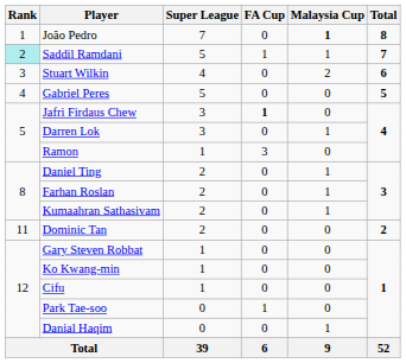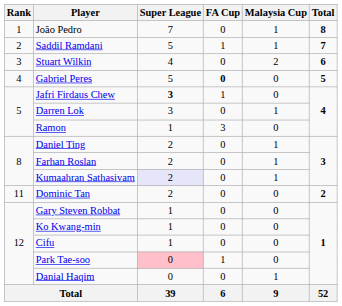 <table class="wikitable" style="text-align: center;">
 <tr>
 <th>Rank</th>
 <th>Player</th>
 <th>Super League</th>
 <th>FA Cup</th>
 <th>Malaysia Cup</th>
 <th>Total</th>
 </tr>
 <tr>
 <td>1</td>
 <td align=left> João Pedro</td>
 <td>7</td>
 <td>0</td>
-<td><strong>1</strong></td>
+<td>1</td>
 <td><strong>8</strong></td>
 </tr>
 <tr>
-<td style="background: paleturquoise;">2</td>
+<td>2</td>
 <td align=left> <a href='#'>Saddil Ramdani</a></td>
 <td>5</td>
 <td>1</td>
 <td>1</td>
 <td><strong>7</strong></td>
 </tr>
 <tr>
 <td rowspan=1>3</td>
 <td align=left> <a href='#'>Stuart Wilkin</a></td>
 <td>4</td>
 <td>0</td>
 <td>2</td>
 <td rowspan=1><strong>6</strong></td>
 </tr>
 <tr>
 <td rowspan=1>4</td>
 <td align=left> <a href='#'>Gabriel Peres</a></td>
 <td>5</td>
-<td>0</td>
+<td><strong>0</strong></td>
 <td>0</td>
 <td rowspan=1><strong>5</strong></td>
 </tr>
 <tr>
 <td rowspan=3>5</td>
 <td align=left> <a href='#'>Jafri Firdaus Chew</a></td>
-<td>3</td>
-<td><strong>1</strong></td>
+<td><strong>3</strong></td>
+<td>1</td>
 <td>0</td>
 <td rowspan=3><strong>4</strong></td>
 </tr>
 <tr>
 <td align=left> <a href='#'>Darren Lok</a></td>
 <td>3</td>
 <td>0</td>
 <td>1</td>
 </tr>
 <tr>
 <td align=left> <a href='#'>Ramon</a></td>
 <td>1</td>
 <td>3</td>
 <td>0</td>
 </tr>
 <tr>
 <td rowspan=3>8</td>
 <td align=left> <a href='#'>Daniel Ting</a></td>
 <td>2</td>
 <td>0</td>
 <td>1</td>
 <td rowspan=3><strong>3</strong></td>
 </tr>
 <tr>
 <td align=left> <a href='#'>Farhan Roslan</a></td>
 <td>2</td>
 <td>0</td>
 <td>1</td>
 </tr>
 <tr>
 <td align=left> <a href='#'>Kumaahran Sathasivam</a></td>
-<td>2</td>
+<td style="background: lavender;">2</td>
 <td>0</td>
 <td>1</td>
 </tr>
 <tr>
 <td rowspan=1>11</td>
 <td align=left> <a href='#'>Dominic Tan</a></td>
 <td>2</td>
 <td>0</td>
 <td>0</td>
 <td rowspan=1><strong>2</strong></td>
 </tr>
 <tr>
 <td rowspan=5>12</td>
 <td align=left> <a href='#'>Gary Steven Robbat</a></td>
 <td>1</td>
 <td>0</td>
 <td>0</td>
 <td rowspan=5><strong>1</strong></td>
 </tr>
 <tr>
 <td align=left> <a href='#'>Ko Kwang-min</a></td>
 <td>1</td>
 <td>0</td>
 <td>0</td>
 </tr>
 <tr>
 <td align=left> <a href='#'>Cifu</a></td>
 <td>1</td>
 <td>0</td>
 <td>0</td>
 </tr>
 <tr>
 <td align=left> <a href='#'>Park Tae-soo</a></td>
-<td>0</td>
+<td style="background: pink;">0</td>
 <td>1</td>
 <td>0</td>
 </tr>
 <tr>
 <td align=left> <a href='#'>Danial Haqim</a></td>
 <td>0</td>
 <td>0</td>
 <td>1</td>
 </tr>
 <tr>
 <th colspan=2>Total</th>
 <th>39</th>
 <th>6</th>
 <th>9</th>
 <th>52</th>
 </tr>
 </table>
